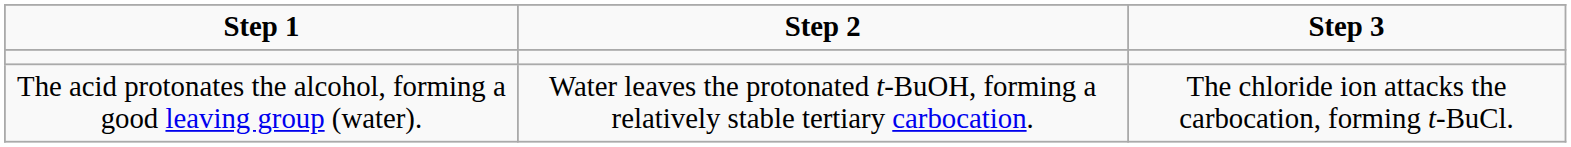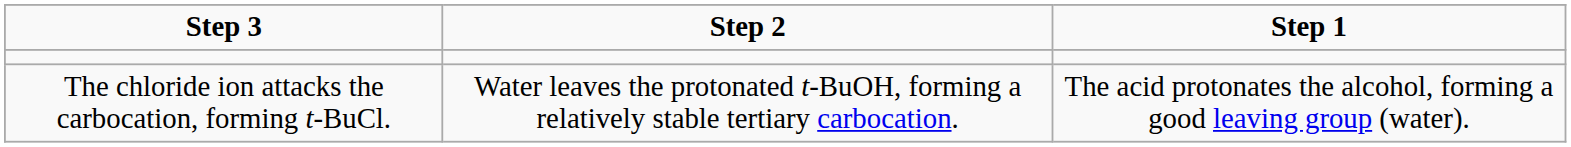 <table class="wikitable" style="text-align:center;">
 <tr>
+<td><strong>Step 3</strong></td>
+<td><strong>Step 2</strong></td>
 <td><strong>Step 1</strong></td>
-<td><strong>Step 2</strong></td>
-<td><strong>Step 3</strong></td>
 </tr>
 <tr>
 <td></td>
 <td></td>
 <td></td>
 </tr>
 <tr>
+<td>The chloride ion attacks the carbocation, forming <em>t</em>-BuCl.</td>
+<td>Water leaves the protonated <em>t</em>-BuOH, forming a relatively stable tertiary <a href='#'>carbocation</a>.</td>
 <td>The acid protonates the alcohol, forming a good <a href='#'>leaving group</a> (water).</td>
-<td>Water leaves the protonated <em>t</em>-BuOH, forming a relatively stable tertiary <a href='#'>carbocation</a>.</td>
-<td>The chloride ion attacks the carbocation, forming <em>t</em>-BuCl.</td>
 </tr>
 </table>
